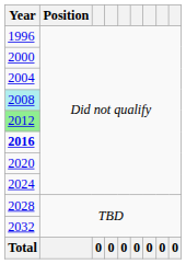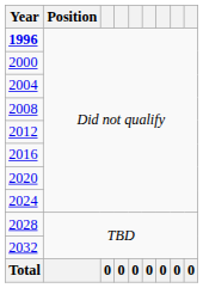 <table class="wikitable" style="text-align:center;">
 <tr>
 <th>Year</th>
 <th>Position</th>
 <th></th>
 <th></th>
 <th></th>
 <th></th>
 <th></th>
 <th></th>
 <th></th>
 </tr>
 <tr>
-<td align=left> <a href='#'>1996</a></td>
+<td align=left><strong> <a href='#'>1996</a></strong></td>
 <td colspan="8" rowspan=8><em>Did not qualify</em></td>
 </tr>
 <tr>
 <td align=left> <a href='#'>2000</a></td>
 </tr>
 <tr>
 <td align=left> <a href='#'>2004</a></td>
 </tr>
 <tr>
-<td align=left style="background: paleturquoise;"> <a href='#'>2008</a></td>
+<td align=left> <a href='#'>2008</a></td>
 </tr>
 <tr>
-<td align=left style="background: lightgreen;"> <a href='#'>2012</a></td>
+<td align=left> <a href='#'>2012</a></td>
 </tr>
 <tr>
-<td align=left><strong> <a href='#'>2016</a></strong></td>
+<td align=left> <a href='#'>2016</a></td>
 </tr>
 <tr>
 <td align=left> <a href='#'>2020</a></td>
 </tr>
 <tr>
 <td align=left> <a href='#'>2024</a></td>
 </tr>
 <tr>
 <td align=left> <a href='#'>2028</a></td>
 <td colspan="8" rowspan="2"><em>TBD</em></td>
 </tr>
 <tr>
 <td align=left> <a href='#'>2032</a></td>
 </tr>
 <tr>
 <th>Total</th>
 <th></th>
 <th>0</th>
 <th>0</th>
 <th>0</th>
 <th>0</th>
 <th>0</th>
 <th>0</th>
 <th>0</th>
 </tr>
 </table>
